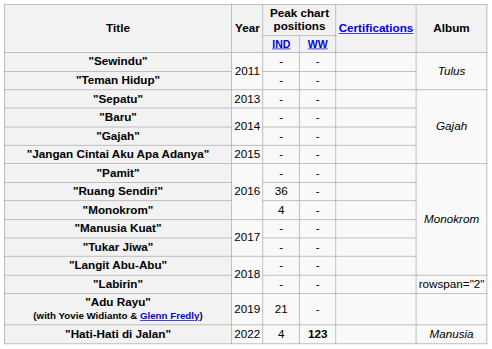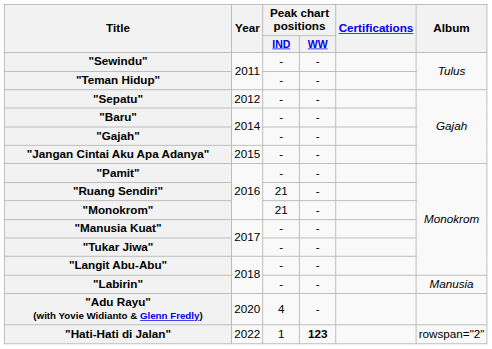 <table class="wikitable plainrowheaders" style="text-align:center;">
 <tr>
 <th scope="col" rowspan="2" style="width:19em;">Title</th>
 <th scope="col" rowspan="2" style="width:1em;">Year</th>
 <th scope="col" colspan="2">Peak chart positions</th>
 <th scope="col" rowspan="2"><a href='#'>Certifications</a></th>
 <th scope="col" rowspan="2">Album</th>
 </tr>
 <tr>
 <th scope="col" style="width:3em;font-size:90%;"><a href='#'>IND</a><br></th>
 <th scope="col" style="width:3em;font-size:90%;"><a href='#'>WW</a><br></th>
 </tr>
 <tr>
 <th scope="row">"Sewindu"</th>
 <td rowspan="2">2011</td>
 <td>-</td>
 <td>-</td>
 <td></td>
 <td rowspan="2"><em>Tulus</em></td>
 </tr>
 <tr>
 <th scope="row">"Teman Hidup"</th>
 <td>-</td>
 <td>-</td>
 <td></td>
 </tr>
 <tr>
 <th scope="row">"Sepatu"</th>
-<td>2013</td>
+<td>2012</td>
 <td>-</td>
 <td>-</td>
 <td></td>
 <td rowspan="4"><em>Gajah</em></td>
 </tr>
 <tr>
 <th scope="row">"Baru"</th>
 <td rowspan="2">2014</td>
 <td>-</td>
 <td>-</td>
 <td></td>
 </tr>
 <tr>
 <th scope="row">"Gajah"</th>
 <td>-</td>
 <td>-</td>
 <td></td>
 </tr>
 <tr>
 <th scope="row">"Jangan Cintai Aku Apa Adanya"</th>
 <td>2015</td>
 <td>-</td>
 <td>-</td>
 <td></td>
 </tr>
 <tr>
 <th scope="row">"Pamit"</th>
 <td rowspan="3">2016</td>
 <td>-</td>
 <td>-</td>
 <td></td>
 <td rowspan="6"><em>Monokrom</em></td>
 </tr>
 <tr>
 <th scope="row">"Ruang Sendiri"</th>
-<td>36</td>
+<td>21</td>
 <td>-</td>
 <td></td>
 </tr>
 <tr>
 <th scope="row">"Monokrom"</th>
-<td>4</td>
+<td>21</td>
 <td>-</td>
 <td></td>
 </tr>
 <tr>
 <th scope="row">"Manusia Kuat"</th>
 <td rowspan="2">2017</td>
 <td>-</td>
 <td>-</td>
 <td></td>
 </tr>
 <tr>
 <th scope="row">"Tukar Jiwa"</th>
 <td>-</td>
 <td>-</td>
 <td></td>
 </tr>
 <tr>
 <th scope="row">"Langit Abu-Abu"</th>
 <td rowspan="2">2018</td>
 <td>-</td>
 <td>-</td>
 <td></td>
 </tr>
 <tr>
 <th scope="row">"Labirin"</th>
 <td>-</td>
 <td>-</td>
 <td></td>
-<td>rowspan="2" </td>
+<td><em>Manusia</em></td>
 </tr>
 <tr>
 <th scope="row">"Adu Rayu" <br><small>(with Yovie Widianto & <a href='#'>Glenn Fredly</a>)</small></th>
-<td>2019</td>
-<td>21</td>
+<td>2020</td>
+<td>4</td>
 <td>-</td>
 <td></td>
 </tr>
 <tr>
 <th scope="row">"Hati-Hati di Jalan"</th>
 <td>2022</td>
-<td>4</td>
+<td>1</td>
 <td><strong>123</strong></td>
 <td></td>
-<td><em>Manusia</em></td>
+<td>rowspan="2" </td>
 </tr>
 </table>
